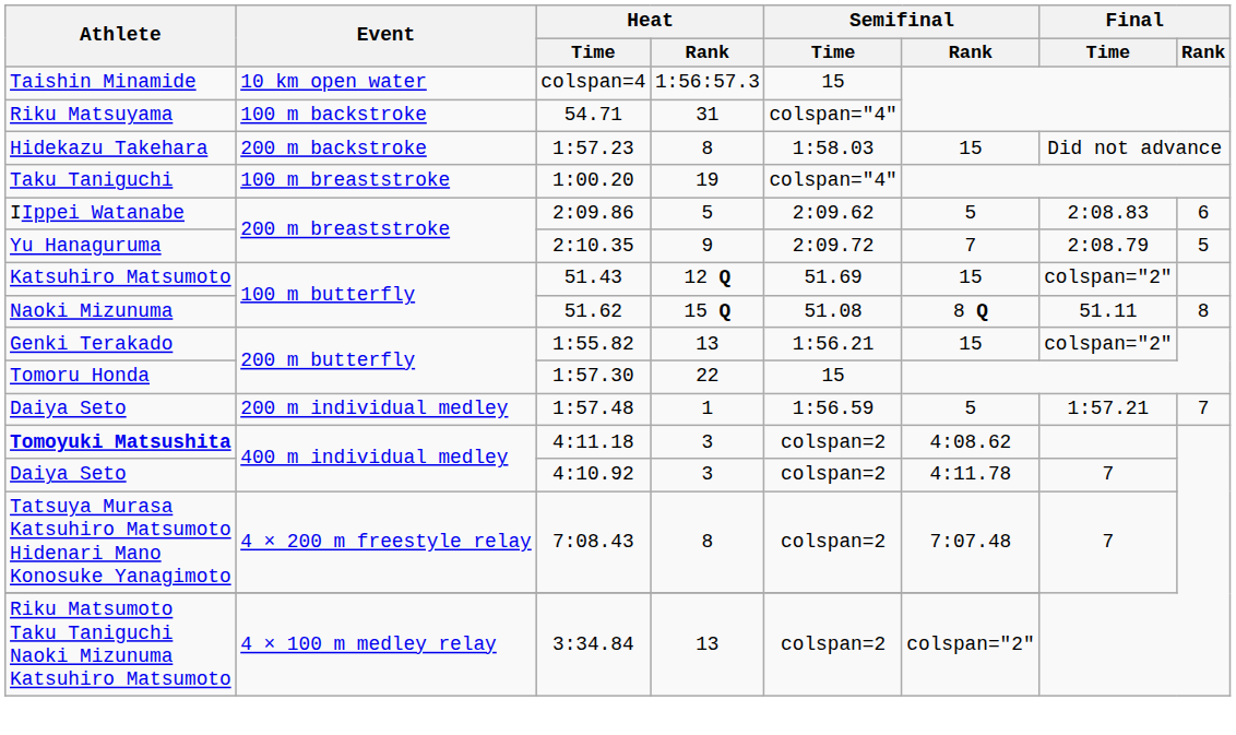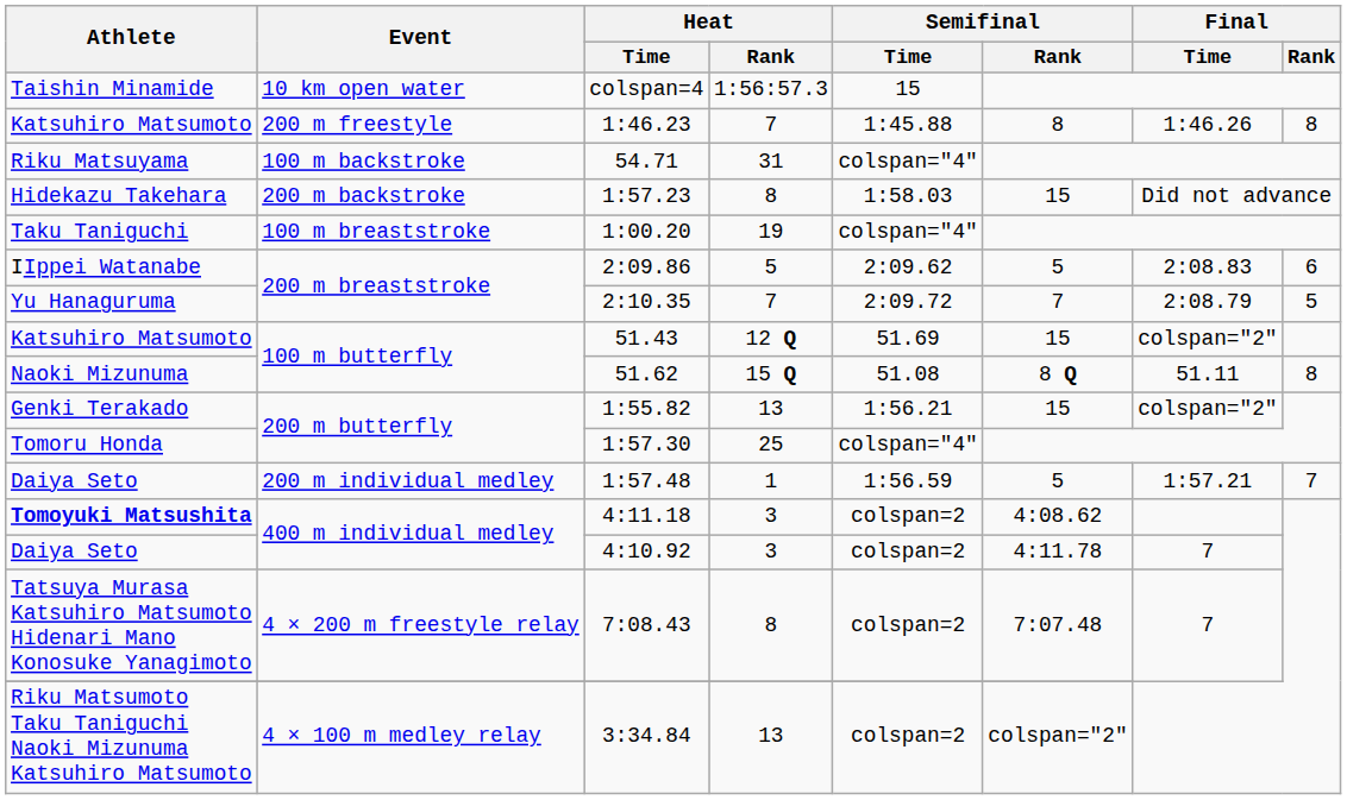 <table class=wikitable style="font-size:90%;">
 <tr>
 <th rowspan=2>Athlete</th>
 <th rowspan=2>Event</th>
 <th colspan=2>Heat</th>
 <th colspan=2>Semifinal</th>
 <th colspan=2>Final</th>
 </tr>
 <tr style="font-size:95%">
 <th>Time</th>
 <th>Rank</th>
 <th>Time</th>
 <th>Rank</th>
 <th>Time</th>
 <th>Rank</th>
 </tr>
 <tr align=center>
 <td align=left><a href='#'>Taishin Minamide</a></td>
 <td align=left><a href='#'>10 km open water</a></td>
 <td>colspan=4 </td>
 <td>1:56:57.3</td>
 <td>15</td>
+</tr>
+<tr align=center>
+<td align=left><a href='#'>Katsuhiro Matsumoto</a></td>
+<td align=left><a href='#'>200 m freestyle</a></td>
+<td>1:46.23</td>
+<td>7</td>
+<td>1:45.88</td>
+<td>8</td>
+<td>1:46.26</td>
+<td>8</td>
 </tr>
 <tr align=center>
 <td align=left><a href='#'>Riku Matsuyama</a></td>
 <td align=left><a href='#'>100 m backstroke</a></td>
 <td>54.71</td>
 <td>31</td>
 <td>colspan="4" </td>
 </tr>
 <tr align=center>
 <td align=left><a href='#'>Hidekazu Takehara</a></td>
 <td align="left"><a href='#'>200 m backstroke</a></td>
 <td>1:57.23</td>
 <td>8</td>
 <td>1:58.03</td>
 <td>15</td>
 <td colspan="2">Did not advance</td>
 </tr>
 <tr align="center">
 <td align=left><a href='#'>Taku Taniguchi</a></td>
 <td align="left"><a href='#'>100 m breaststroke</a></td>
 <td>1:00.20</td>
 <td>19</td>
 <td>colspan="4" </td>
 </tr>
 <tr align=center>
 <td align=left>I<a href='#'>Ippei Watanabe</a></td>
 <td align=left rowspan=2><a href='#'>200 m breaststroke</a></td>
 <td>2:09.86</td>
 <td>5</td>
 <td>2:09.62</td>
 <td>5</td>
 <td>2:08.83</td>
 <td>6</td>
 </tr>
 <tr align=center>
 <td align=left><a href='#'>Yu Hanaguruma</a></td>
 <td>2:10.35</td>
-<td>9</td>
+<td>7</td>
 <td>2:09.72</td>
 <td>7</td>
 <td>2:08.79</td>
 <td>5</td>
 </tr>
 <tr align=center>
 <td align=left><a href='#'>Katsuhiro Matsumoto</a></td>
 <td align=left rowspan=2><a href='#'>100 m butterfly</a></td>
 <td>51.43</td>
 <td>12 <strong>Q</strong></td>
 <td>51.69</td>
 <td>15</td>
 <td>colspan="2" </td>
 </tr>
 <tr align=center>
 <td align=left><a href='#'>Naoki Mizunuma</a></td>
 <td>51.62</td>
 <td>15 <strong>Q</strong></td>
 <td>51.08</td>
 <td>8 <strong>Q</strong></td>
 <td>51.11</td>
 <td>8</td>
 </tr>
 <tr align=center>
 <td align=left><a href='#'>Genki Terakado</a></td>
 <td align=left rowspan=2><a href='#'>200 m butterfly</a></td>
 <td>1:55.82</td>
 <td>13</td>
 <td>1:56.21</td>
 <td>15</td>
 <td>colspan="2" </td>
 </tr>
 <tr align=center>
 <td align=left><a href='#'>Tomoru Honda</a></td>
 <td>1:57.30</td>
-<td>22</td>
-<td>15</td>
+<td>25</td>
+<td>colspan="4" </td>
 </tr>
 <tr align=center>
 <td align=left><a href='#'>Daiya Seto</a></td>
 <td align="left"><a href='#'>200 m individual medley</a></td>
 <td>1:57.48</td>
 <td>1</td>
 <td>1:56.59</td>
 <td>5</td>
 <td>1:57.21</td>
 <td>7</td>
 </tr>
 <tr align="center">
 <td align="left"><strong><a href='#'>Tomoyuki Matsushita</a></strong></td>
 <td rowspan="2" align="left"><a href='#'>400 m individual medley</a></td>
 <td>4:11.18</td>
 <td>3</td>
 <td>colspan=2 </td>
 <td>4:08.62</td>
 <td></td>
 </tr>
 <tr align="center">
 <td align="left"><a href='#'>Daiya Seto</a></td>
 <td>4:10.92</td>
 <td>3</td>
 <td>colspan=2 </td>
 <td>4:11.78</td>
 <td>7</td>
 </tr>
 <tr align=center>
 <td align=left><a href='#'>Tatsuya Murasa</a><br><a href='#'>Katsuhiro Matsumoto</a><br><a href='#'>Hidenari Mano</a><br><a href='#'>Konosuke Yanagimoto</a></td>
 <td align=left><a href='#'>4 × 200 m freestyle relay</a></td>
 <td>7:08.43</td>
 <td>8</td>
 <td>colspan=2 </td>
 <td>7:07.48</td>
 <td>7</td>
 </tr>
 <tr>
 </tr>
 <tr align=center>
 <td align=left><a href='#'>Riku Matsumoto</a><br><a href='#'>Taku Taniguchi</a><br><a href='#'>Naoki Mizunuma</a><br><a href='#'>Katsuhiro Matsumoto</a></td>
 <td align=left><a href='#'>4 × 100 m medley relay</a></td>
 <td>3:34.84</td>
 <td>13</td>
 <td>colspan=2 </td>
 <td>colspan="2" </td>
 </tr>
 </table>
